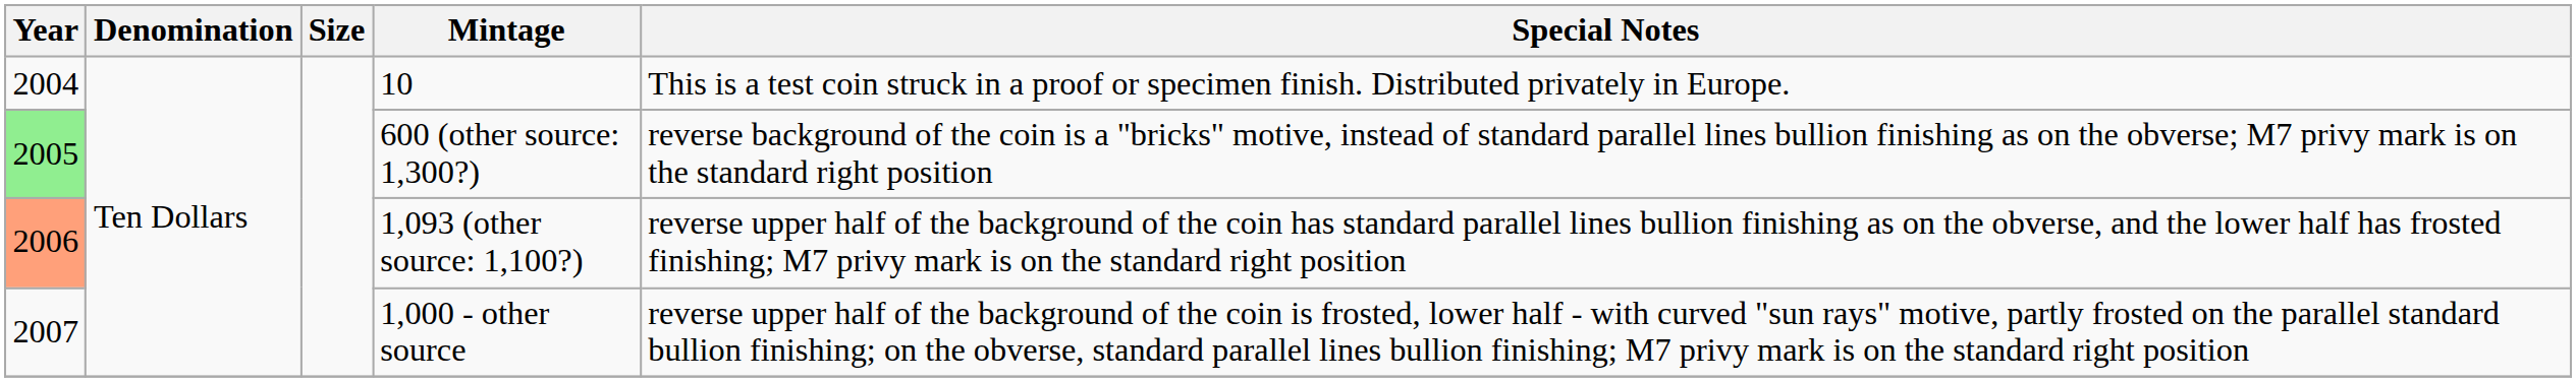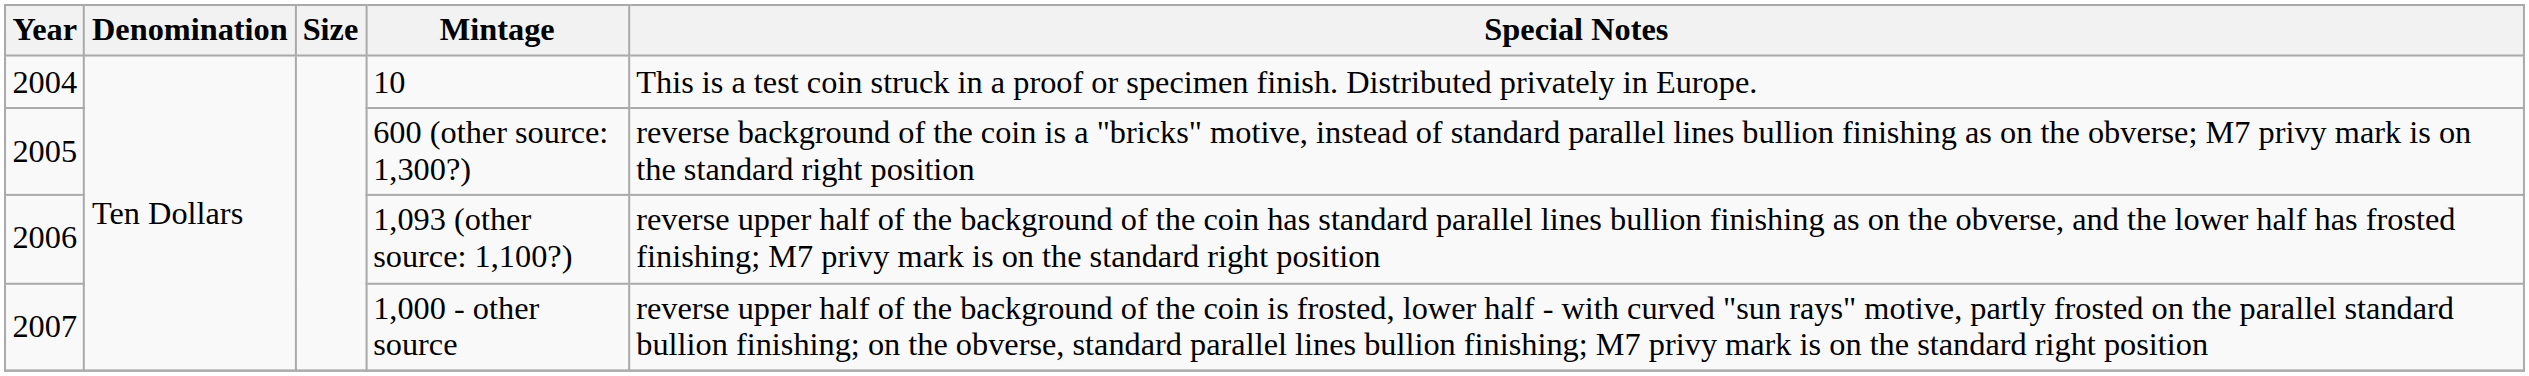 <table class="wikitable">
 <tr>
 <th>Year</th>
 <th>Denomination</th>
 <th>Size</th>
 <th>Mintage</th>
 <th>Special Notes</th>
 </tr>
 <tr>
 <td>2004</td>
 <td rowspan="4">Ten Dollars</td>
 <td rowspan="4"></td>
 <td>10</td>
 <td>This is a test coin struck in a proof or specimen finish. Distributed privately in Europe.</td>
 </tr>
 <tr>
-<td style="background: lightgreen;">2005</td>
+<td>2005</td>
 <td>600 (other source: 1,300?)</td>
 <td>reverse background of the coin is a "bricks" motive, instead of standard parallel lines bullion finishing as on the obverse; M7 privy mark is on the standard right position</td>
 </tr>
 <tr>
-<td style="background: lightsalmon;">2006</td>
+<td>2006</td>
 <td>1,093 (other source: 1,100?)</td>
 <td>reverse upper half of the background of the coin has standard parallel lines bullion finishing as on the obverse, and the lower half has frosted finishing; M7 privy mark is on the standard right position</td>
 </tr>
 <tr>
 <td>2007</td>
 <td>1,000 - other source</td>
 <td>reverse upper half of the background of the coin is frosted, lower half - with curved "sun rays" motive, partly frosted on the parallel standard bullion finishing; on the obverse, standard parallel lines bullion finishing; M7 privy mark is on the standard right position</td>
 </tr>
 <tr>
 </tr>
 </table>
